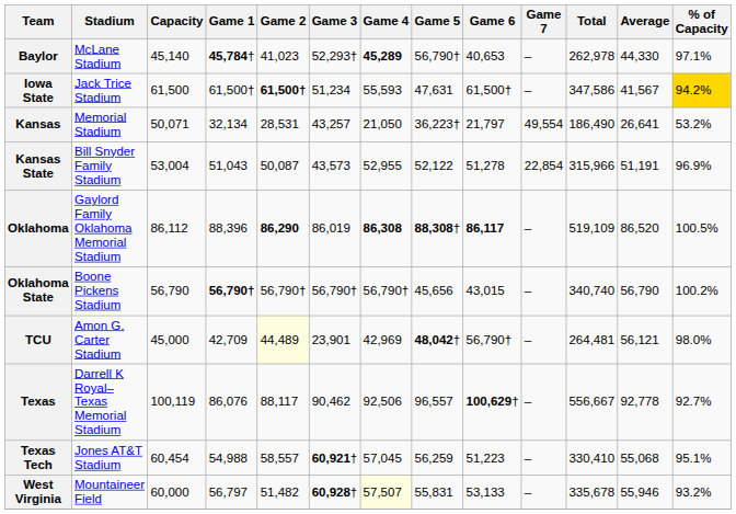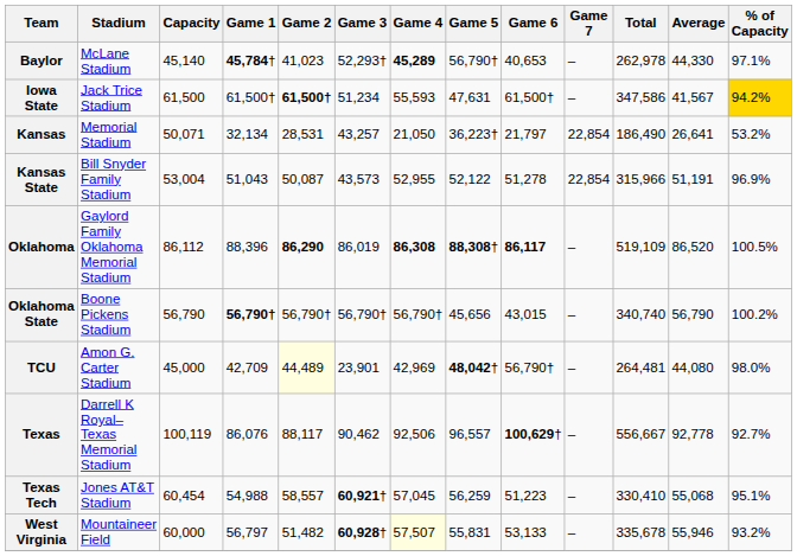 <table class="wikitable sortable">
 <tr>
 <th>Team</th>
 <th>Stadium</th>
 <th>Capacity</th>
 <th>Game 1</th>
 <th>Game 2</th>
 <th>Game 3</th>
 <th>Game 4</th>
 <th>Game 5</th>
 <th>Game 6</th>
 <th>Game 7</th>
 <th>Total</th>
 <th>Average</th>
 <th>% of Capacity</th>
 </tr>
 <tr>
 <th>Baylor</th>
 <td><a href='#'>McLane Stadium</a></td>
 <td>45,140</td>
 <td><strong>45,784</strong>†</td>
 <td>41,023</td>
 <td>52,293†</td>
 <td><strong>45,289</strong></td>
 <td>56,790†</td>
 <td>40,653</td>
 <td>–</td>
 <td>262,978</td>
 <td>44,330</td>
 <td>97.1%</td>
 </tr>
 <tr>
 <th>Iowa State</th>
 <td><a href='#'>Jack Trice Stadium</a></td>
 <td>61,500</td>
 <td>61,500†</td>
 <td><strong>61,500†</strong></td>
 <td>51,234</td>
 <td>55,593</td>
 <td>47,631</td>
 <td>61,500†</td>
 <td>–</td>
 <td>347,586</td>
 <td>41,567</td>
 <td style="background: gold;">94.2%</td>
 </tr>
 <tr>
 <th>Kansas</th>
 <td><a href='#'>Memorial Stadium</a></td>
 <td>50,071</td>
 <td>32,134</td>
 <td>28,531</td>
 <td>43,257</td>
 <td>21,050</td>
 <td>36,223†</td>
 <td>21,797</td>
-<td>49,554</td>
+<td>22,854</td>
 <td>186,490</td>
 <td>26,641</td>
 <td>53.2%</td>
 </tr>
 <tr>
 <th>Kansas State</th>
 <td><a href='#'>Bill Snyder Family Stadium</a></td>
 <td>53,004</td>
 <td>51,043</td>
 <td>50,087</td>
 <td>43,573</td>
 <td>52,955</td>
 <td>52,122</td>
 <td>51,278</td>
 <td>22,854</td>
 <td>315,966</td>
 <td>51,191</td>
 <td>96.9%</td>
 </tr>
 <tr>
 <th>Oklahoma</th>
 <td><a href='#'>Gaylord Family Oklahoma Memorial Stadium</a></td>
 <td>86,112</td>
 <td>88,396</td>
 <td><strong>86,290</strong></td>
 <td>86,019</td>
 <td><strong>86,308</strong></td>
 <td><strong>88,308</strong>†</td>
 <td><strong>86,117</strong></td>
 <td>–</td>
 <td>519,109</td>
 <td>86,520</td>
 <td>100.5%</td>
 </tr>
 <tr>
 <th>Oklahoma State</th>
 <td><a href='#'>Boone Pickens Stadium</a></td>
 <td>56,790</td>
 <td><strong>56,790†</strong></td>
 <td>56,790†</td>
 <td>56,790†</td>
 <td>56,790†</td>
 <td>45,656</td>
 <td>43,015</td>
 <td>–</td>
 <td>340,740</td>
 <td>56,790</td>
 <td>100.2%</td>
 </tr>
 <tr>
 <th>TCU</th>
 <td><a href='#'>Amon G. Carter Stadium</a></td>
 <td>45,000</td>
 <td>42,709</td>
 <td style="background: lightyellow;">44,489</td>
 <td>23,901</td>
 <td>42,969</td>
 <td><strong>48,042</strong>†</td>
 <td>56,790†</td>
 <td>–</td>
 <td>264,481</td>
-<td>56,121</td>
+<td>44,080</td>
 <td>98.0%</td>
 </tr>
 <tr>
 <th>Texas</th>
 <td><a href='#'>Darrell K Royal–Texas Memorial Stadium</a></td>
 <td>100,119</td>
 <td>86,076</td>
 <td>88,117</td>
 <td>90,462</td>
 <td>92,506</td>
 <td>96,557</td>
 <td><strong>100,629</strong>†</td>
 <td>–</td>
 <td>556,667</td>
 <td>92,778</td>
 <td>92.7%</td>
 </tr>
 <tr>
 <th>Texas Tech</th>
 <td><a href='#'>Jones AT&T Stadium</a></td>
 <td>60,454</td>
 <td>54,988</td>
 <td>58,557</td>
 <td><strong>60,921</strong>†</td>
 <td>57,045</td>
 <td>56,259</td>
 <td>51,223</td>
 <td>–</td>
 <td>330,410</td>
 <td>55,068</td>
 <td>95.1%</td>
 </tr>
 <tr>
 <th>West Virginia</th>
 <td><a href='#'>Mountaineer Field</a></td>
 <td>60,000</td>
 <td>56,797</td>
 <td>51,482</td>
 <td><strong>60,928</strong>†</td>
 <td style="background: lightyellow;">57,507</td>
 <td>55,831</td>
 <td>53,133</td>
 <td>–</td>
 <td>335,678</td>
 <td>55,946</td>
 <td>93.2%</td>
 </tr>
 <tr>
 </tr>
 </table>
